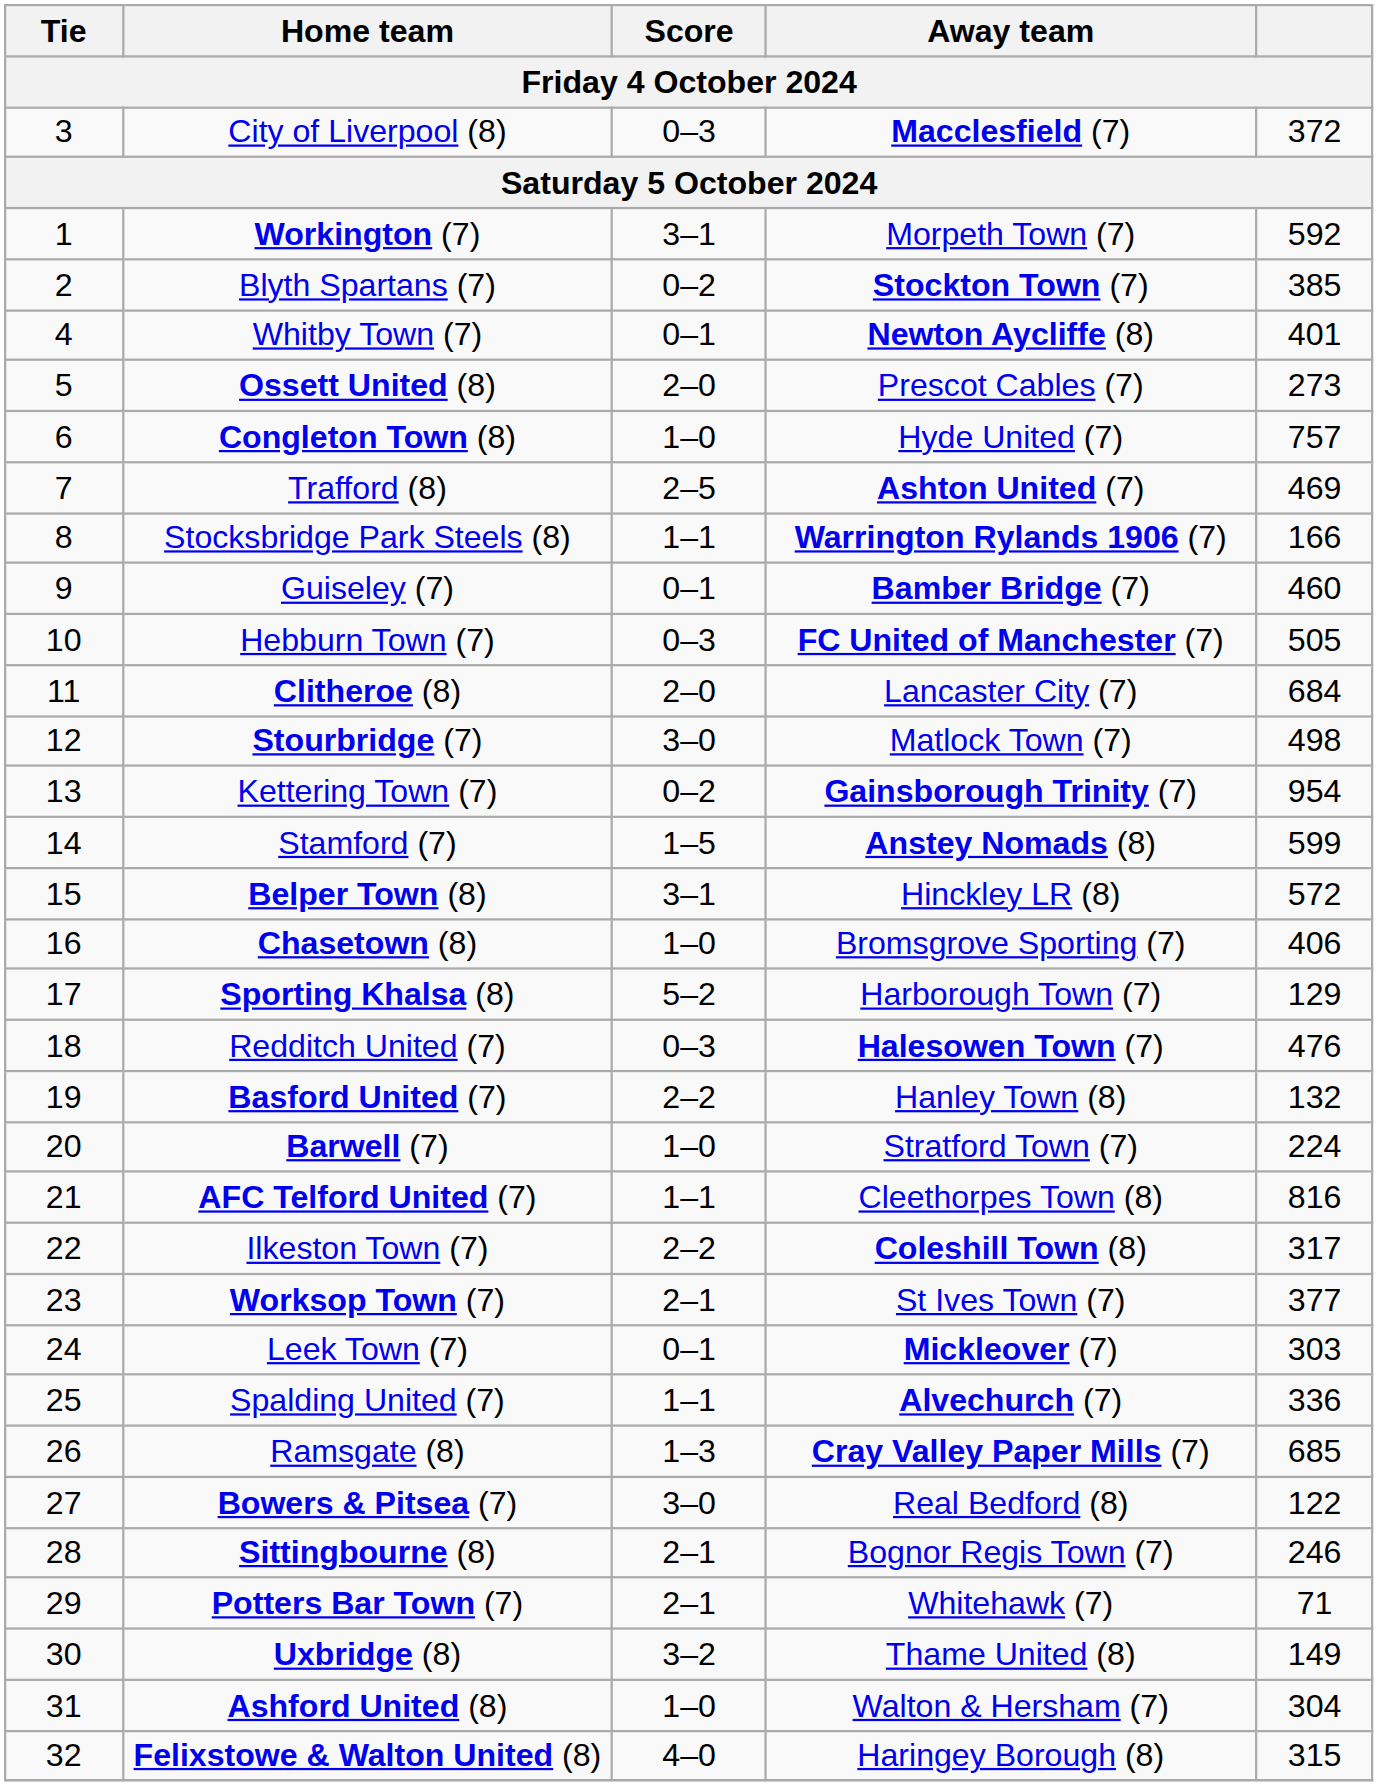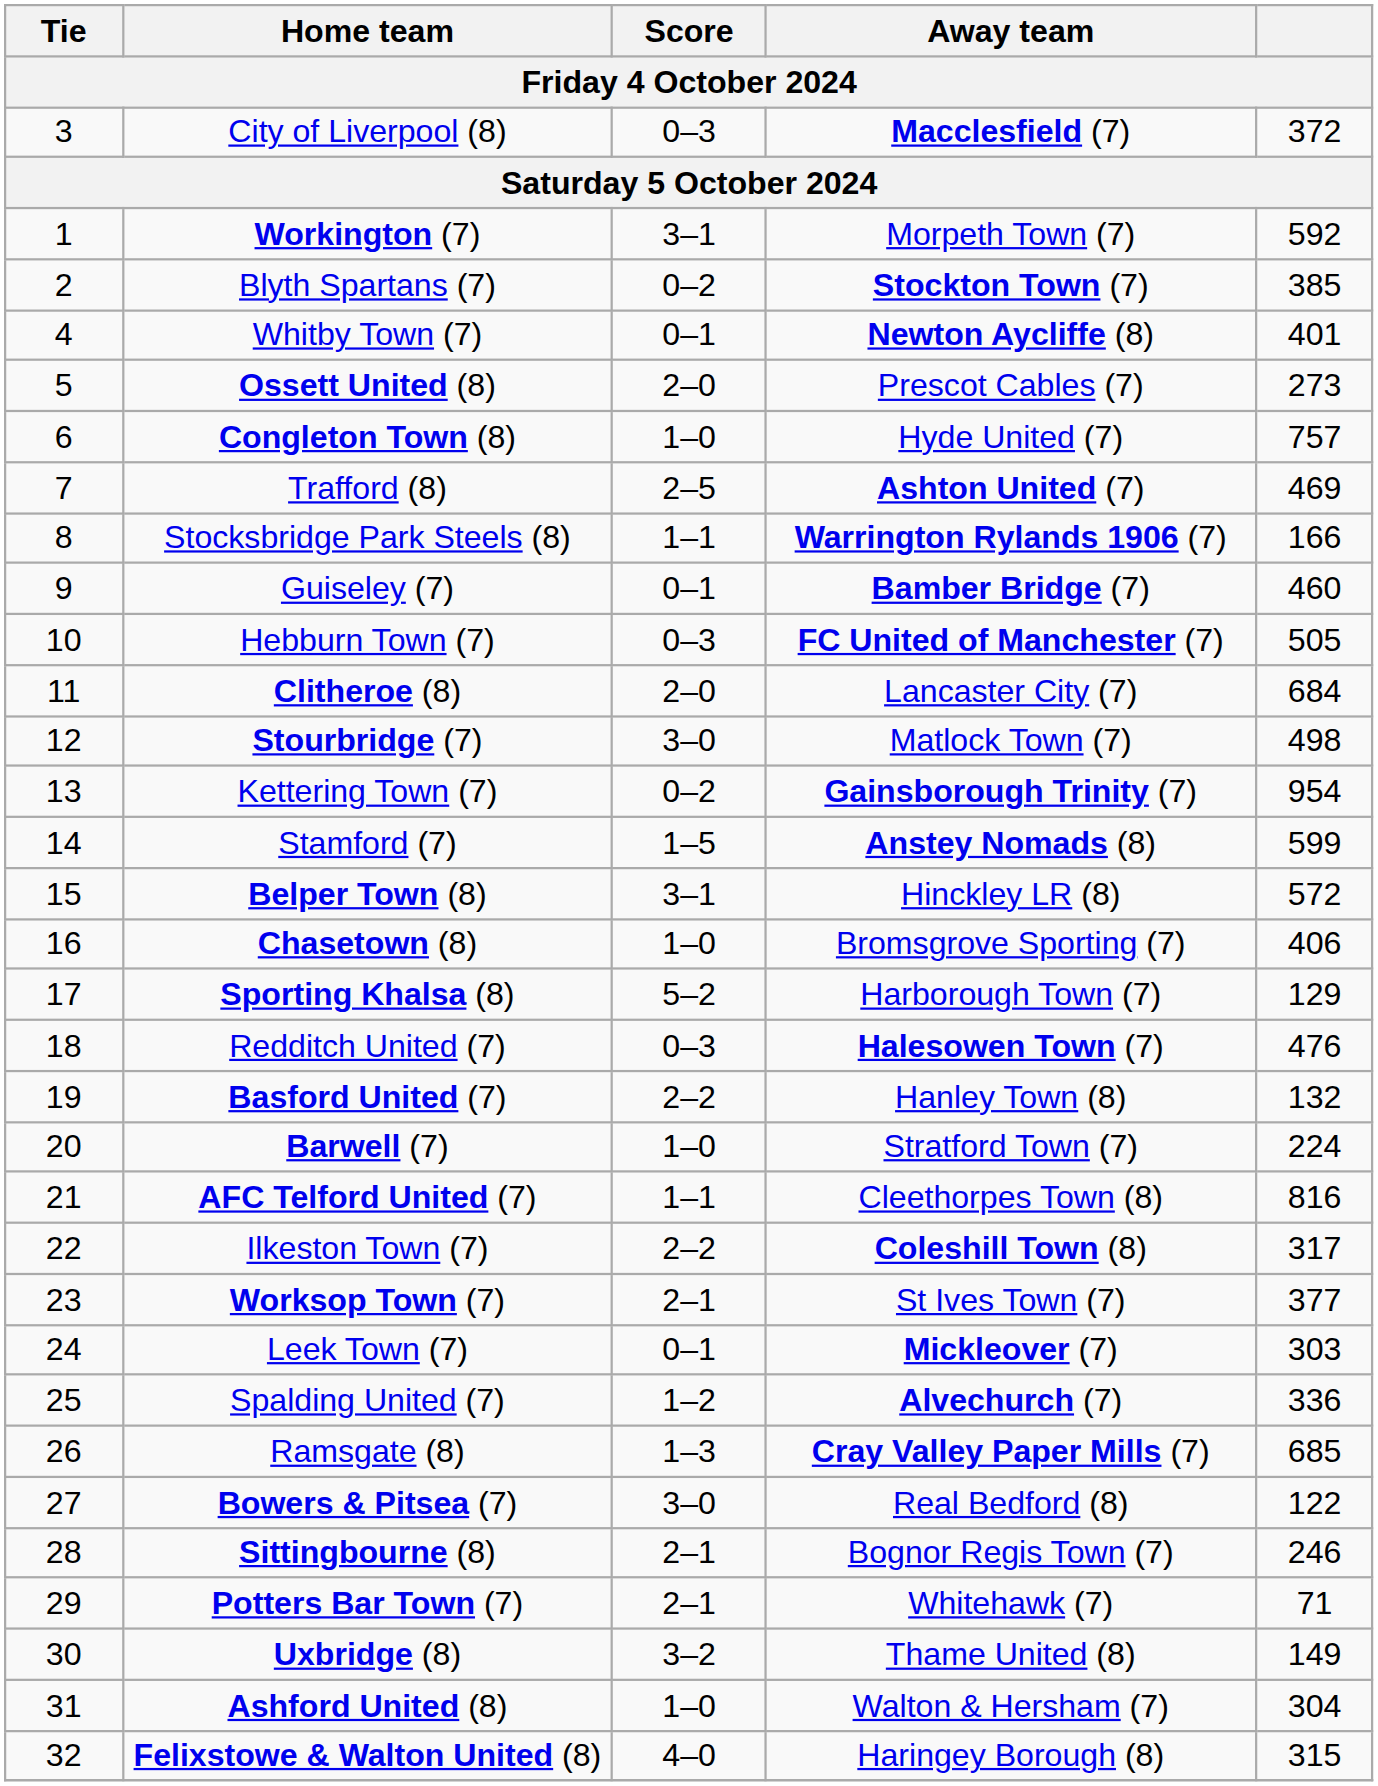 <table class="wikitable" style="text-align:center; font-size:90%">
 <tr>
 <th scope="col" style="width:  8.43%;">Tie</th>
 <th scope="col" style="width: 35.29%;">Home team</th>
 <th scope="col" style="width: 11.00%;">Score</th>
 <th scope="col" style="width: 35.29%;">Away team</th>
 <th scope="col" style="width:  8.43%;"></th>
 </tr>
 <tr>
 <th colspan="5"><strong>Friday 4 October 2024</strong></th>
 </tr>
 <tr>
 <td>3</td>
 <td><a href='#'>City of Liverpool</a> (8)</td>
 <td>0–3</td>
 <td><strong><a href='#'>Macclesfield</a></strong> (7)</td>
 <td>372</td>
 </tr>
 <tr>
 <th colspan="5"><strong>Saturday 5 October 2024</strong></th>
 </tr>
 <tr>
 <td>1</td>
 <td><strong><a href='#'>Workington</a></strong> (7)</td>
 <td>3–1</td>
 <td><a href='#'>Morpeth Town</a> (7)</td>
 <td>592</td>
 </tr>
 <tr>
 <td>2</td>
 <td><a href='#'>Blyth Spartans</a> (7)</td>
 <td>0–2</td>
 <td><strong><a href='#'>Stockton Town</a></strong> (7)</td>
 <td>385</td>
 </tr>
 <tr>
 <td>4</td>
 <td><a href='#'>Whitby Town</a> (7)</td>
 <td>0–1</td>
 <td><strong><a href='#'>Newton Aycliffe</a></strong> (8)</td>
 <td>401</td>
 </tr>
 <tr>
 <td>5</td>
 <td><strong><a href='#'>Ossett United</a></strong> (8)</td>
 <td>2–0</td>
 <td><a href='#'>Prescot Cables</a> (7)</td>
 <td>273</td>
 </tr>
 <tr>
 <td>6</td>
 <td><strong><a href='#'>Congleton Town</a></strong> (8)</td>
 <td>1–0</td>
 <td><a href='#'>Hyde United</a> (7)</td>
 <td>757</td>
 </tr>
 <tr>
 <td>7</td>
 <td><a href='#'>Trafford</a> (8)</td>
 <td>2–5</td>
 <td><strong><a href='#'>Ashton United</a></strong> (7)</td>
 <td>469</td>
 </tr>
 <tr>
 <td>8</td>
 <td><a href='#'>Stocksbridge Park Steels</a> (8)</td>
 <td>1–1 </td>
 <td><strong><a href='#'>Warrington Rylands 1906</a></strong> (7)</td>
 <td>166</td>
 </tr>
 <tr>
 <td>9</td>
 <td><a href='#'>Guiseley</a> (7)</td>
 <td>0–1</td>
 <td><strong><a href='#'>Bamber Bridge</a></strong> (7)</td>
 <td>460</td>
 </tr>
 <tr>
 <td>10</td>
 <td><a href='#'>Hebburn Town</a> (7)</td>
 <td>0–3</td>
 <td><strong><a href='#'>FC United of Manchester</a></strong> (7)</td>
 <td>505</td>
 </tr>
 <tr>
 <td>11</td>
 <td><strong><a href='#'>Clitheroe</a></strong> (8)</td>
 <td>2–0</td>
 <td><a href='#'>Lancaster City</a> (7)</td>
 <td>684</td>
 </tr>
 <tr>
 <td>12</td>
 <td><strong><a href='#'>Stourbridge</a></strong> (7)</td>
 <td>3–0</td>
 <td><a href='#'>Matlock Town</a> (7)</td>
 <td>498</td>
 </tr>
 <tr>
 <td>13</td>
 <td><a href='#'>Kettering Town</a> (7)</td>
 <td>0–2</td>
 <td><strong><a href='#'>Gainsborough Trinity</a></strong> (7)</td>
 <td>954</td>
 </tr>
 <tr>
 <td>14</td>
 <td><a href='#'>Stamford</a> (7)</td>
 <td>1–5</td>
 <td><strong><a href='#'>Anstey Nomads</a></strong> (8)</td>
 <td>599</td>
 </tr>
 <tr>
 <td>15</td>
 <td><strong><a href='#'>Belper Town</a></strong> (8)</td>
 <td>3–1</td>
 <td><a href='#'>Hinckley LR</a> (8)</td>
 <td>572</td>
 </tr>
 <tr>
 <td>16</td>
 <td><strong><a href='#'>Chasetown</a></strong> (8)</td>
 <td>1–0</td>
 <td><a href='#'>Bromsgrove Sporting</a> (7)</td>
 <td>406</td>
 </tr>
 <tr>
 <td>17</td>
 <td><strong><a href='#'>Sporting Khalsa</a></strong> (8)</td>
 <td>5–2</td>
 <td><a href='#'>Harborough Town</a> (7)</td>
 <td>129</td>
 </tr>
 <tr>
 <td>18</td>
 <td><a href='#'>Redditch United</a> (7)</td>
 <td>0–3</td>
 <td><strong><a href='#'>Halesowen Town</a></strong> (7)</td>
 <td>476</td>
 </tr>
 <tr>
 <td>19</td>
 <td><strong><a href='#'>Basford United</a></strong> (7)</td>
 <td>2–2 </td>
 <td><a href='#'>Hanley Town</a> (8)</td>
 <td>132</td>
 </tr>
 <tr>
 <td>20</td>
 <td><strong><a href='#'>Barwell</a></strong> (7)</td>
 <td>1–0</td>
 <td><a href='#'>Stratford Town</a> (7)</td>
 <td>224</td>
 </tr>
 <tr>
 <td>21</td>
 <td><strong><a href='#'>AFC Telford United</a></strong> (7)</td>
 <td>1–1 </td>
 <td><a href='#'>Cleethorpes Town</a> (8)</td>
 <td>816</td>
 </tr>
 <tr>
 <td>22</td>
 <td><a href='#'>Ilkeston Town</a> (7)</td>
 <td>2–2 </td>
 <td><strong><a href='#'>Coleshill Town</a></strong> (8)</td>
 <td>317</td>
 </tr>
 <tr>
 <td>23</td>
 <td><strong><a href='#'>Worksop Town</a></strong> (7)</td>
 <td>2–1</td>
 <td><a href='#'>St Ives Town</a> (7)</td>
 <td>377</td>
 </tr>
 <tr>
 <td>24</td>
 <td><a href='#'>Leek Town</a> (7)</td>
 <td>0–1</td>
 <td><strong><a href='#'>Mickleover</a></strong> (7)</td>
 <td>303</td>
 </tr>
 <tr>
 <td>25</td>
 <td><a href='#'>Spalding United</a> (7)</td>
-<td>1–1 </td>
+<td>1–2</td>
 <td><strong><a href='#'>Alvechurch</a></strong> (7)</td>
 <td>336</td>
 </tr>
 <tr>
 <td>26</td>
 <td><a href='#'>Ramsgate</a> (8)</td>
 <td>1–3</td>
 <td><strong><a href='#'>Cray Valley Paper Mills</a></strong> (7)</td>
 <td>685</td>
 </tr>
 <tr>
 <td>27</td>
 <td><strong><a href='#'>Bowers & Pitsea</a></strong> (7)</td>
 <td>3–0</td>
 <td><a href='#'>Real Bedford</a> (8)</td>
 <td>122</td>
 </tr>
 <tr>
 <td>28</td>
 <td><strong><a href='#'>Sittingbourne</a></strong> (8)</td>
 <td>2–1</td>
 <td><a href='#'>Bognor Regis Town</a> (7)</td>
 <td>246</td>
 </tr>
 <tr>
 <td>29</td>
 <td><strong><a href='#'>Potters Bar Town</a></strong> (7)</td>
 <td>2–1</td>
 <td><a href='#'>Whitehawk</a> (7)</td>
 <td>71</td>
 </tr>
 <tr>
 <td>30</td>
 <td><strong><a href='#'>Uxbridge</a></strong> (8)</td>
 <td>3–2</td>
 <td><a href='#'>Thame United</a> (8)</td>
 <td>149</td>
 </tr>
 <tr>
 <td>31</td>
 <td><strong><a href='#'>Ashford United</a></strong> (8)</td>
 <td>1–0</td>
 <td><a href='#'>Walton & Hersham</a> (7)</td>
 <td>304</td>
 </tr>
 <tr>
 <td>32</td>
 <td><strong><a href='#'>Felixstowe & Walton United</a></strong> (8)</td>
 <td>4–0</td>
 <td><a href='#'>Haringey Borough</a> (8)</td>
 <td>315</td>
 </tr>
 <tr>
 </tr>
 </table>
